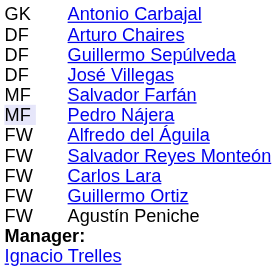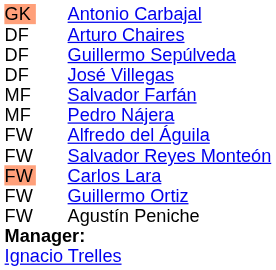 <table style="font-size:90%; margin:0.2em auto;" cellspacing="0" cellpadding="0">
 <tr>
 <th width="25"></th>
 <th width="25"></th>
 </tr>
 <tr>
-<td>GK</td>
+<td style="background: lightsalmon;">GK</td>
 <td><strong> </strong></td>
 <td><a href='#'>Antonio Carbajal</a></td>
 </tr>
 <tr>
 <td>DF</td>
 <td><strong> </strong></td>
 <td><a href='#'>Arturo Chaires</a></td>
 </tr>
 <tr>
 <td>DF</td>
 <td><strong> </strong></td>
 <td><a href='#'>Guillermo Sepúlveda</a></td>
 </tr>
 <tr>
 <td>DF</td>
 <td><strong> </strong></td>
 <td><a href='#'>José Villegas</a></td>
 </tr>
 <tr>
 <td>MF</td>
 <td><strong> </strong></td>
 <td><a href='#'>Salvador Farfán</a></td>
 </tr>
 <tr>
-<td style="background: lavender;">MF</td>
+<td>MF</td>
 <td><strong> </strong></td>
 <td><a href='#'>Pedro Nájera</a></td>
 </tr>
 <tr>
 <td>FW</td>
 <td><strong> </strong></td>
 <td><a href='#'>Alfredo del Águila</a></td>
 </tr>
 <tr>
 <td>FW</td>
 <td><strong> </strong></td>
 <td><a href='#'>Salvador Reyes Monteón</a></td>
 </tr>
 <tr>
-<td>FW</td>
+<td style="background: lightsalmon;">FW</td>
 <td><strong> </strong></td>
 <td><a href='#'>Carlos Lara</a></td>
 </tr>
 <tr>
 <td>FW</td>
 <td><strong> </strong></td>
 <td><a href='#'>Guillermo Ortiz</a></td>
 </tr>
 <tr>
 <td>FW</td>
 <td><strong> </strong></td>
 <td>Agustín Peniche</td>
 </tr>
 <tr>
 <td colspan=3><strong>Manager:</strong></td>
 </tr>
 <tr>
 <td colspan=4> <a href='#'>Ignacio Trelles</a></td>
 </tr>
 </table>
